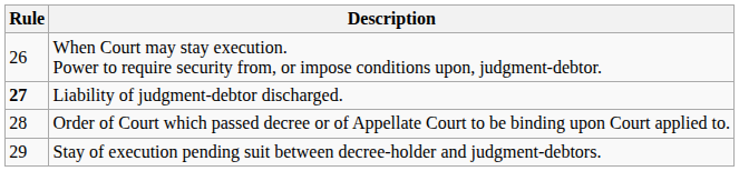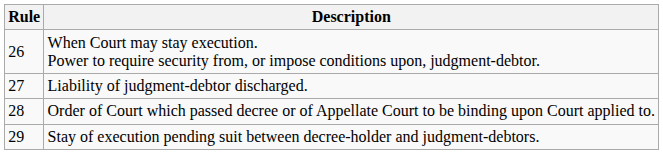 <table class="wikitable">
 <tr>
 <th>Rule</th>
 <th>Description</th>
 </tr>
 <tr>
 <td>26</td>
 <td>When Court may stay execution.<br>Power to require security from, or impose conditions upon, judgment-debtor.</td>
 </tr>
 <tr>
-<td><strong>27</strong></td>
+<td>27</td>
 <td>Liability of judgment-debtor discharged.</td>
 </tr>
 <tr>
 <td>28</td>
 <td>Order of Court which passed decree or of Appellate Court to be binding upon Court applied to.</td>
 </tr>
 <tr>
 <td>29</td>
 <td>Stay of execution pending suit between decree-holder and judgment-debtors.</td>
 </tr>
 </table>
